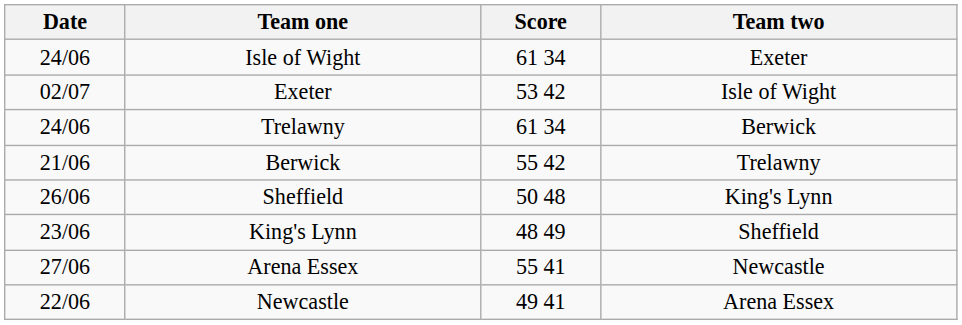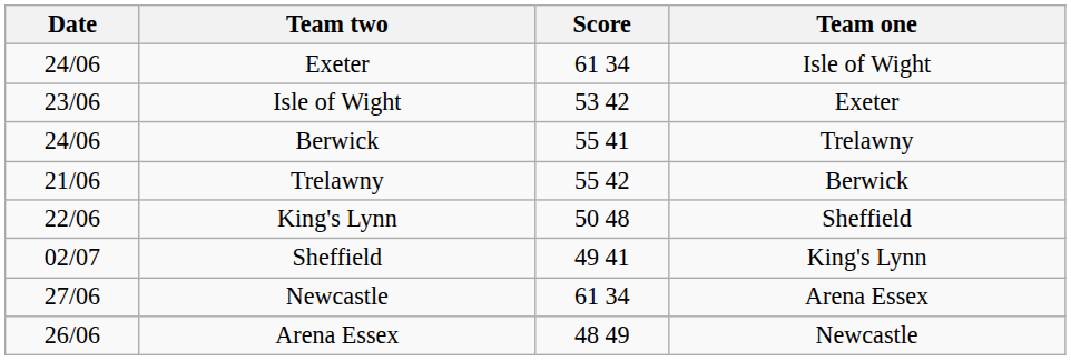 <table class="wikitable" style="text-align: center">
 <tr>
 <th width=80>Date</th>
+<th width=250>Team two</th>
+<th width=80>Score</th>
 <th width=250>Team one</th>
-<th width=80>Score</th>
-<th width=250>Team two</th>
 </tr>
 <tr>
 <td>24/06</td>
+<td>Exeter</td>
+<td>61	34</td>
 <td>Isle of Wight</td>
-<td>61	34</td>
+</tr>
+<tr>
+<td>23/06</td>
+<td>Isle of Wight</td>
+<td>53	42</td>
 <td>Exeter</td>
 </tr>
 <tr>
-<td>02/07</td>
-<td>Exeter</td>
-<td>53	42</td>
-<td>Isle of Wight</td>
+<td>24/06</td>
+<td>Berwick</td>
+<td>55	41</td>
+<td>Trelawny</td>
 </tr>
 <tr>
-<td>24/06</td>
+<td>21/06</td>
 <td>Trelawny</td>
-<td>61	34</td>
+<td>55	42</td>
 <td>Berwick</td>
 </tr>
 <tr>
-<td>21/06</td>
-<td>Berwick</td>
-<td>55	42</td>
-<td>Trelawny</td>
+<td>22/06</td>
+<td>King's Lynn</td>
+<td>50	48</td>
+<td>Sheffield</td>
+</tr>
+<tr>
+<td>02/07</td>
+<td>Sheffield</td>
+<td>49	41</td>
+<td>King's Lynn</td>
+</tr>
+<tr>
+<td>27/06</td>
+<td>Newcastle</td>
+<td>61	34</td>
+<td>Arena Essex</td>
 </tr>
 <tr>
 <td>26/06</td>
-<td>Sheffield</td>
-<td>50	48</td>
-<td>King's Lynn</td>
-</tr>
-<tr>
-<td>23/06</td>
-<td>King's Lynn</td>
+<td>Arena Essex</td>
 <td>48	49</td>
-<td>Sheffield</td>
-</tr>
-<tr>
-<td>27/06</td>
-<td>Arena Essex</td>
-<td>55	41</td>
 <td>Newcastle</td>
 </tr>
-<tr>
-<td>22/06</td>
-<td>Newcastle</td>
-<td>49	41</td>
-<td>Arena Essex</td>
-</tr>
 </table>
